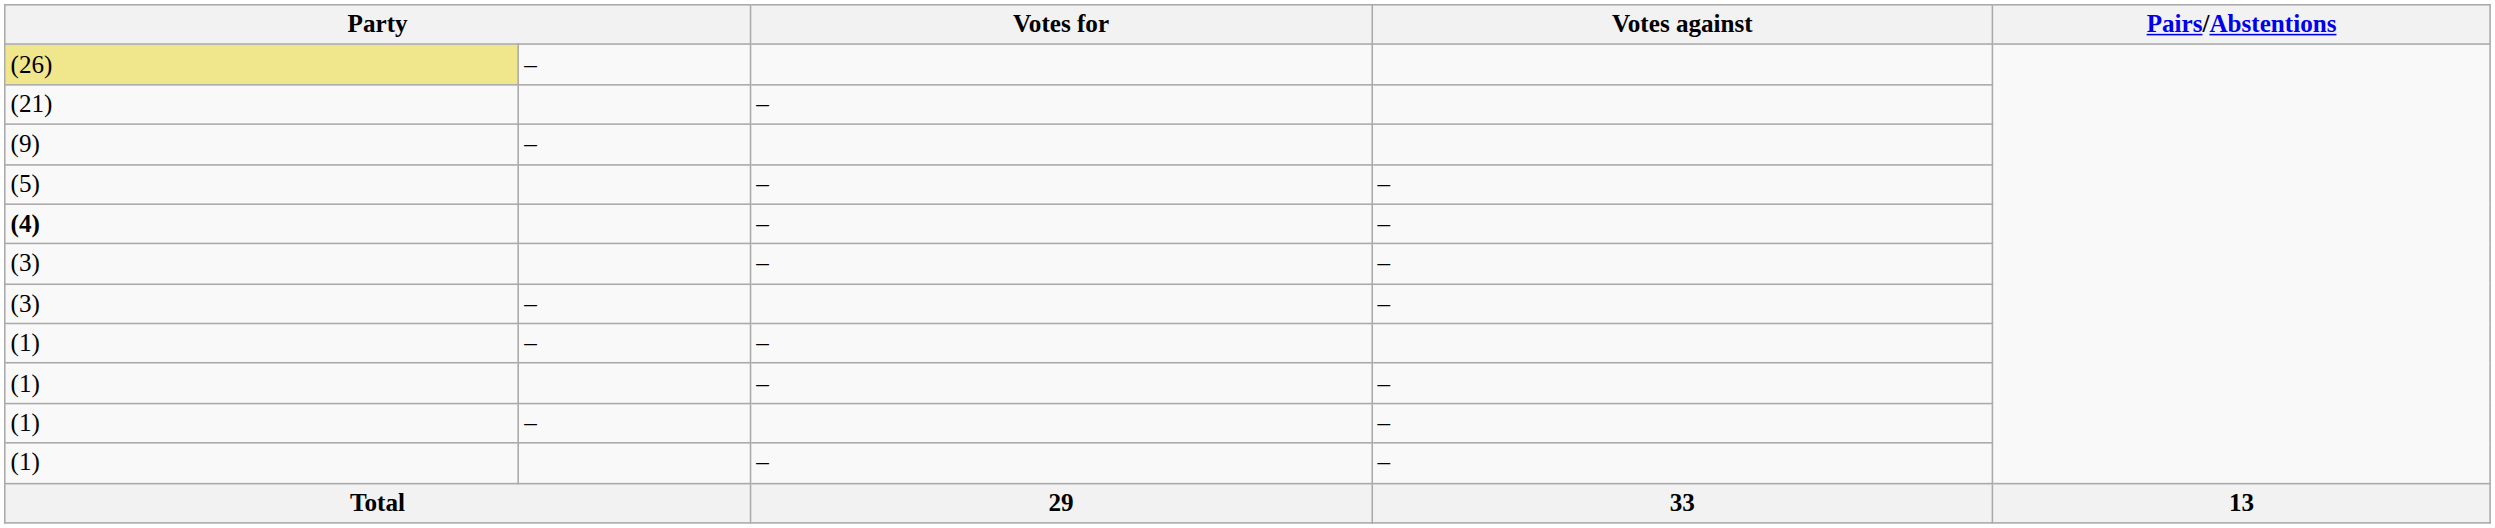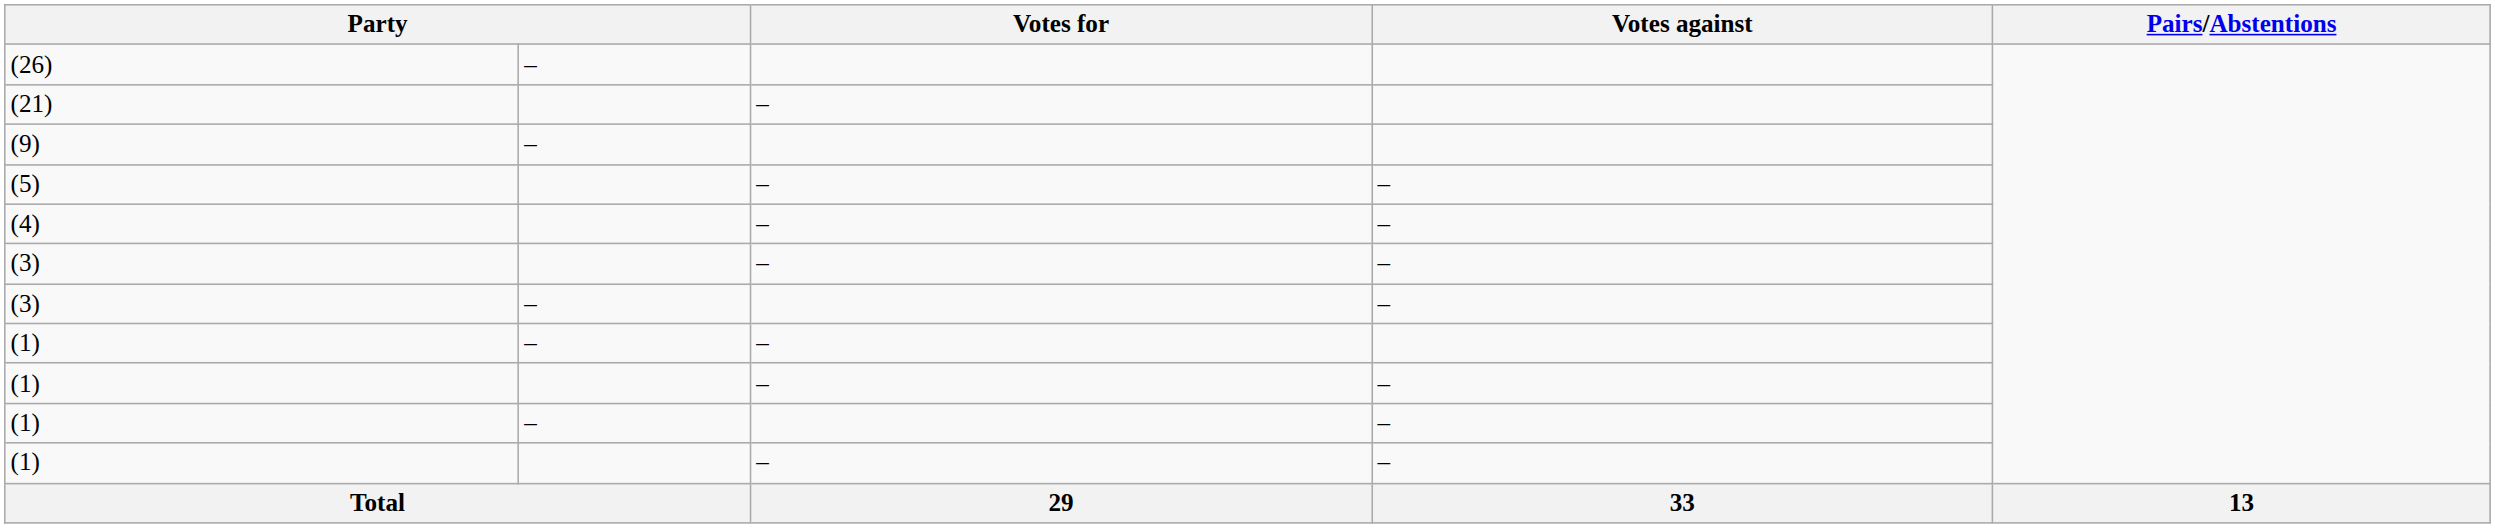 <table class="wikitable" style="width:100%">
 <tr>
 <th style="width:30%;" colspan="2">Party</th>
 <th style="width:25%;">Votes for</th>
 <th style="width:25%;">Votes against</th>
 <th style="width:25%;"><a href='#'>Pairs</a>/<a href='#'>Abstentions</a></th>
 </tr>
 <tr>
-<td style="background: khaki;"> (26)</td>
+<td> (26)</td>
 <td>–</td>
 <td></td>
 <td></td>
 </tr>
 <tr>
 <td> (21)</td>
 <td></td>
 <td>–</td>
 <td></td>
 </tr>
 <tr>
 <td> (9)</td>
 <td>–</td>
 <td></td>
 <td></td>
 </tr>
 <tr>
 <td> (5)</td>
 <td></td>
 <td>–</td>
 <td>–</td>
 </tr>
 <tr>
-<td><strong> (4)</strong></td>
+<td> (4)</td>
 <td></td>
 <td>–</td>
 <td>–</td>
 </tr>
 <tr>
 <td> (3)</td>
 <td></td>
 <td>–</td>
 <td>–</td>
 </tr>
 <tr>
 <td> (3)</td>
 <td>–</td>
 <td></td>
 <td>–</td>
 </tr>
 <tr>
 <td> (1)</td>
 <td>–</td>
 <td>–</td>
 <td></td>
 </tr>
 <tr>
 <td> (1)</td>
 <td></td>
 <td>–</td>
 <td>–</td>
 </tr>
 <tr>
 <td> (1)</td>
 <td>–</td>
 <td></td>
 <td>–</td>
 </tr>
 <tr>
 <td> (1)</td>
 <td></td>
 <td>–</td>
 <td>–</td>
 </tr>
 <tr>
 <th colspan=2>Total</th>
 <th>29</th>
 <th>33</th>
 <th>13</th>
 </tr>
 </table>
